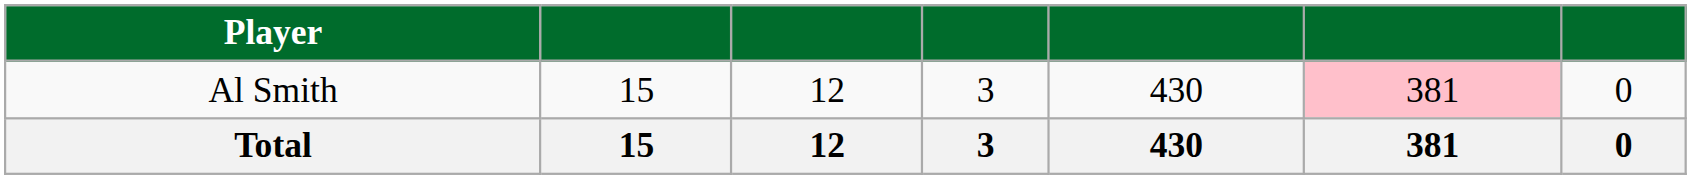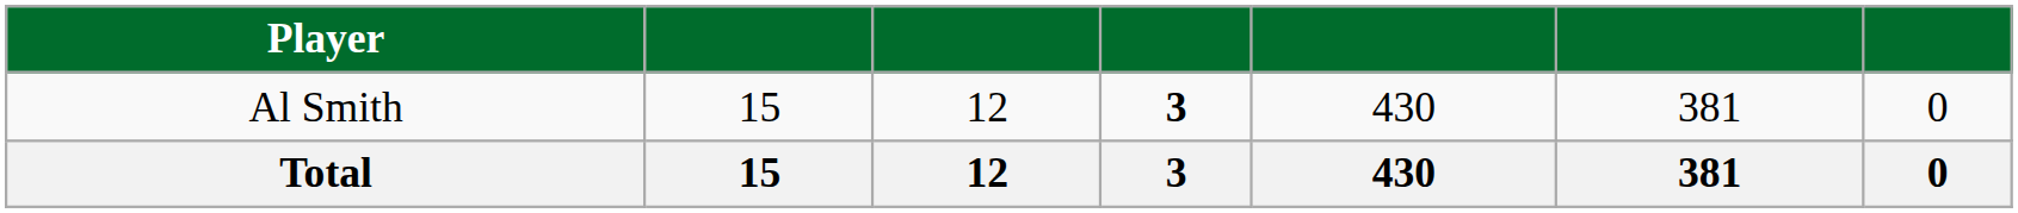 <table class="wikitable sortable" style="width:60%; text-align:center;">
 <tr>
 <th style="color:white; background:#006C2C; ">Player</th>
 <th style="color:white; background:#006C2C; "></th>
 <th style="color:white;background:#006C2C; "></th>
 <th style="color:white;background:#006C2C; "></th>
 <th style="color:white; background:#006C2C; "></th>
 <th style="color:white; background:#006C2C; "></th>
 <th style="color:white; background:#006C2C; "></th>
 </tr>
 <tr align="center">
 <td>Al Smith</td>
 <td>15</td>
 <td>12</td>
-<td>3</td>
+<td><strong>3</strong></td>
 <td>430</td>
-<td style="background: pink;">381</td>
+<td>381</td>
 <td>0</td>
 </tr>
 <tr>
 <th colspan=1>Total</th>
 <th>15</th>
 <th>12</th>
 <th>3</th>
 <th>430</th>
 <th>381</th>
 <th>0</th>
 </tr>
 </table>
